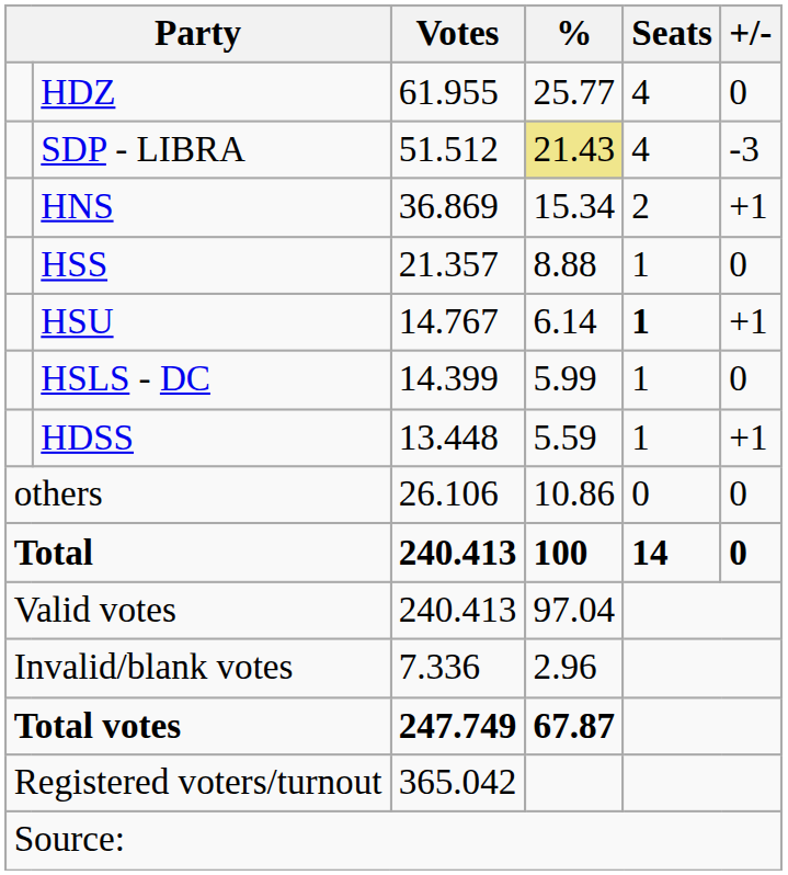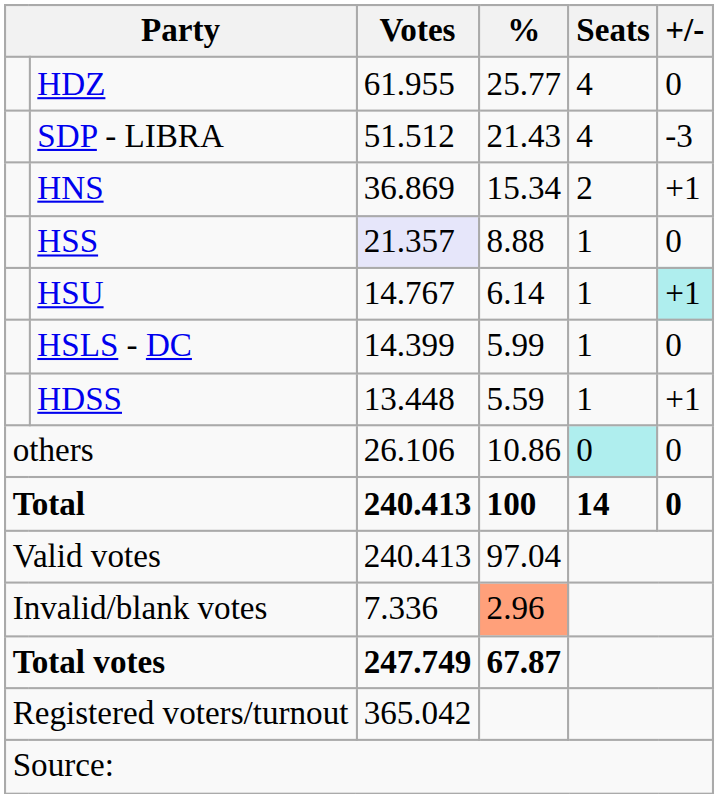 <table class="wikitable" style="text-align: left;">
 <tr>
 <th colspan="2">Party</th>
 <th>Votes</th>
 <th>%</th>
 <th>Seats</th>
 <th>+/-</th>
 </tr>
 <tr>
 <td style="background-color: "></td>
 <td><a href='#'>HDZ</a></td>
 <td>61.955</td>
 <td>25.77</td>
 <td>4</td>
 <td>0</td>
 </tr>
 <tr>
 <td style="background-color: "></td>
 <td><a href='#'>SDP</a> - LIBRA</td>
 <td>51.512</td>
-<td style="background: khaki;">21.43</td>
+<td>21.43</td>
 <td>4</td>
 <td>-3</td>
 </tr>
 <tr>
 <td style="background-color: "></td>
 <td><a href='#'>HNS</a></td>
 <td>36.869</td>
 <td>15.34</td>
 <td>2</td>
 <td>+1</td>
 </tr>
 <tr>
 <td style="background-color: "></td>
 <td><a href='#'>HSS</a></td>
-<td>21.357</td>
+<td style="background: lavender;">21.357</td>
 <td>8.88</td>
 <td>1</td>
 <td>0</td>
 </tr>
 <tr>
 <td style="background-color: "></td>
 <td><a href='#'>HSU</a></td>
 <td>14.767</td>
 <td>6.14</td>
-<td><strong>1</strong></td>
-<td>+1</td>
+<td>1</td>
+<td style="background: paleturquoise;">+1</td>
 </tr>
 <tr>
 <td style="background-color: "></td>
 <td><a href='#'>HSLS</a> - <a href='#'>DC</a></td>
 <td>14.399</td>
 <td>5.99</td>
 <td>1</td>
 <td>0</td>
 </tr>
 <tr>
 <td style="background-color: "></td>
 <td><a href='#'>HDSS</a></td>
 <td>13.448</td>
 <td>5.59</td>
 <td>1</td>
 <td>+1</td>
 </tr>
 <tr>
 <td colspan="2">others</td>
 <td>26.106</td>
 <td>10.86</td>
-<td>0</td>
+<td style="background: paleturquoise;">0</td>
 <td>0</td>
 </tr>
 <tr>
 <td colspan="2"><strong>Total</strong></td>
 <td><strong>240.413</strong></td>
 <td><strong>100</strong></td>
 <td><strong>14</strong></td>
 <td><strong>0</strong></td>
 </tr>
 <tr>
 <td colspan="2">Valid votes</td>
 <td>240.413</td>
 <td>97.04</td>
 <td colspan="2"></td>
 </tr>
 <tr>
 <td colspan="2">Invalid/blank votes</td>
 <td>7.336</td>
-<td>2.96</td>
+<td style="background: lightsalmon;">2.96</td>
 <td colspan="2"></td>
 </tr>
 <tr>
 <td colspan="2"><strong>Total votes</strong></td>
 <td><strong>247.749</strong></td>
 <td><strong>67.87</strong></td>
 <td colspan="2"></td>
 </tr>
 <tr>
 <td colspan="2">Registered voters/turnout</td>
 <td votes14="5343">365.042</td>
 <td></td>
 <td colspan="2"></td>
 </tr>
 <tr>
 <td colspan="6">Source: </td>
 </tr>
 </table>
